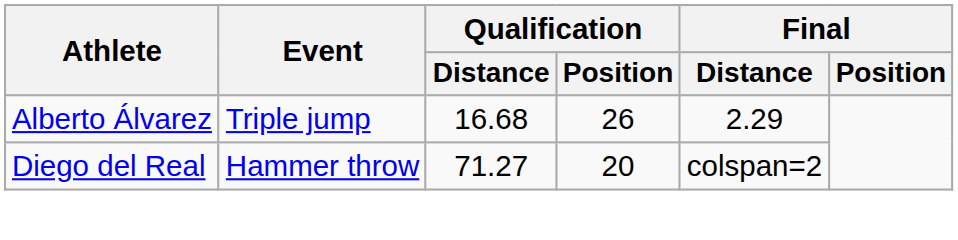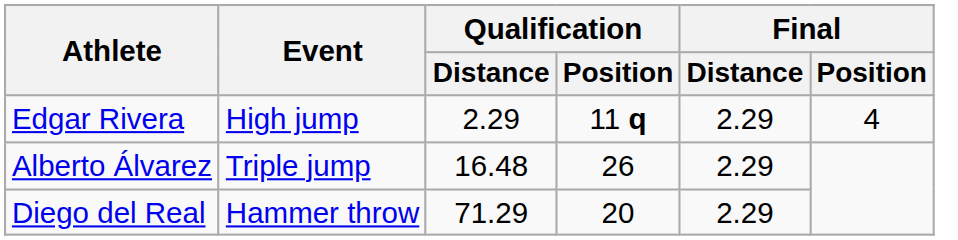 <table class=wikitable style=font-size:90%>
 <tr>
 <th rowspan=2>Athlete</th>
 <th rowspan=2>Event</th>
 <th colspan=2>Qualification</th>
 <th colspan=2>Final</th>
 </tr>
 <tr style=font-size:95%>
 <th>Distance</th>
 <th>Position</th>
 <th>Distance</th>
 <th>Position</th>
 </tr>
 <tr align=center>
+<td align=left><a href='#'>Edgar Rivera</a></td>
+<td align=left><a href='#'>High jump</a></td>
+<td>2.29</td>
+<td>11 <strong>q</strong></td>
+<td>2.29</td>
+<td>4</td>
+</tr>
+<tr align=center>
 <td align=left><a href='#'>Alberto Álvarez</a></td>
 <td align=left><a href='#'>Triple jump</a></td>
-<td>16.68</td>
+<td>16.48</td>
 <td>26</td>
 <td>2.29</td>
 </tr>
 <tr align=center>
 <td align=left><a href='#'>Diego del Real</a></td>
 <td align=left><a href='#'>Hammer throw</a></td>
-<td>71.27</td>
+<td>71.29</td>
 <td>20</td>
-<td>colspan=2 </td>
+<td>2.29</td>
 </tr>
 </table>
